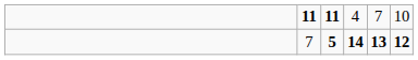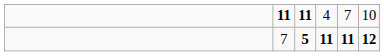 <table class="wikitable">
 <tr>
 <td style="width:18em"></td>
 <td align=center style="width:1em"><strong>11</strong></td>
 <td align=center style="width:1em"><strong>11</strong></td>
 <td align=center style="width:1em">4</td>
 <td align=center style="width:1em">7</td>
 <td align=center style="width:1em">10</td>
 </tr>
 <tr>
 <td style="width:18em"><strong></strong></td>
 <td align=center style="width:1em">7</td>
 <td align=center style="width:1em"><strong>5</strong></td>
-<td align=center style="width:1em"><strong>14</strong></td>
-<td align=center style="width:1em"><strong>13</strong></td>
+<td align=center style="width:1em"><strong>11</strong></td>
+<td align=center style="width:1em"><strong>11</strong></td>
 <td align=center style="width:1em"><strong>12</strong></td>
 </tr>
 </table>
